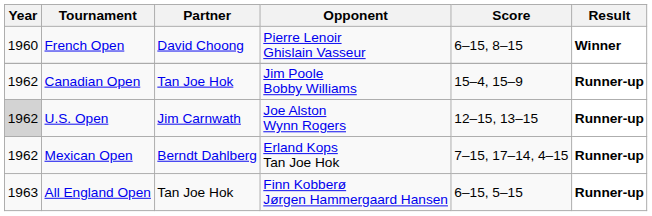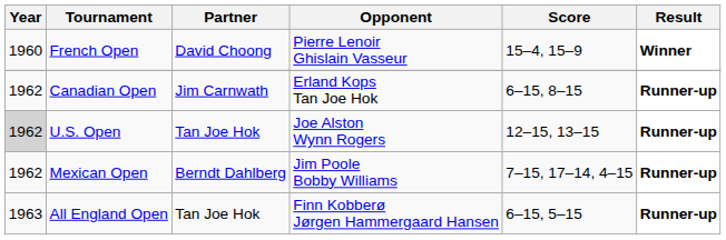 <table class="sortable wikitable" style="font-size: 90%;">
 <tr>
 <th>Year</th>
 <th>Tournament</th>
 <th>Partner</th>
 <th>Opponent</th>
 <th>Score</th>
 <th>Result</th>
 </tr>
 <tr>
 <td align="center">1960</td>
 <td align="left"><a href='#'>French Open</a></td>
 <td align="left"> <a href='#'>David Choong</a></td>
 <td align="left"> <a href='#'>Pierre Lenoir</a><br> <a href='#'>Ghislain Vasseur</a></td>
-<td align="left">6–15, 8–15</td>
+<td align="left">15–4, 15–9</td>
 <td style="text-align:left; background:white"> <strong>Winner</strong></td>
 </tr>
 <tr>
 </tr>
 <tr>
 <td align="center">1962</td>
 <td align="left"><a href='#'>Canadian Open</a></td>
-<td align="left"> <a href='#'>Tan Joe Hok</a></td>
-<td align="left"> <a href='#'>Jim Poole</a><br> <a href='#'>Bobby Williams</a></td>
-<td align="left">15–4, 15–9</td>
+<td align="left"> <a href='#'>Jim Carnwath</a></td>
+<td align="left"> <a href='#'>Erland Kops</a><br> Tan Joe Hok</td>
+<td align="left">6–15, 8–15</td>
 <td style="text-align:left; background:white"> <strong>Runner-up</strong></td>
 </tr>
 <tr>
 <td align="center" style="background: lightgrey;">1962</td>
 <td align="left"><a href='#'>U.S. Open</a></td>
-<td align="left"> <a href='#'>Jim Carnwath</a></td>
+<td align="left"> <a href='#'>Tan Joe Hok</a></td>
 <td align="left"> <a href='#'>Joe Alston</a><br> <a href='#'>Wynn Rogers</a></td>
 <td align= "left">12–15, 13–15</td>
 <td style="text-align:left; background:white"> <strong>Runner-up</strong></td>
 </tr>
 <tr>
 <td align="center">1962</td>
 <td align="left"><a href='#'>Mexican Open</a></td>
 <td align="left"> <a href='#'>Berndt Dahlberg</a></td>
-<td align="left"> <a href='#'>Erland Kops</a><br> Tan Joe Hok</td>
+<td align="left"> <a href='#'>Jim Poole</a><br> <a href='#'>Bobby Williams</a></td>
 <td align= "left">7–15, 17–14, 4–15</td>
 <td style="text-align:left; background:white"> <strong>Runner-up</strong></td>
 </tr>
 <tr>
 <td align="center">1963</td>
 <td align="left"><a href='#'>All England Open</a></td>
 <td align="left"> Tan Joe Hok</td>
 <td align="left"> <a href='#'>Finn Kobberø</a><br> <a href='#'>Jørgen Hammergaard Hansen</a></td>
 <td align="left">6–15, 5–15</td>
 <td style="text-align:left; background:white"> <strong>Runner-up</strong></td>
 </tr>
 </table>
